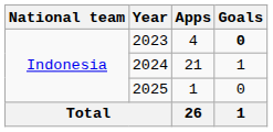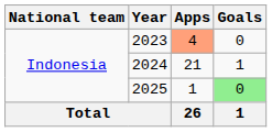 <table class="wikitable" style="text-align:center">
 <tr>
 <th>National team</th>
 <th>Year</th>
 <th>Apps</th>
 <th>Goals</th>
 </tr>
 <tr>
 <td rowspan="3"><a href='#'>Indonesia</a></td>
 <td>2023</td>
-<td>4</td>
-<td><strong>0</strong></td>
+<td style="background: lightsalmon;">4</td>
+<td>0</td>
 </tr>
 <tr>
 <td>2024</td>
 <td>21</td>
 <td>1</td>
 </tr>
 <tr>
 <td>2025</td>
 <td>1</td>
-<td>0</td>
+<td style="background: lightgreen;">0</td>
 </tr>
 <tr>
 <th colspan="2">Total</th>
 <th>26</th>
 <th>1</th>
 </tr>
 </table>
